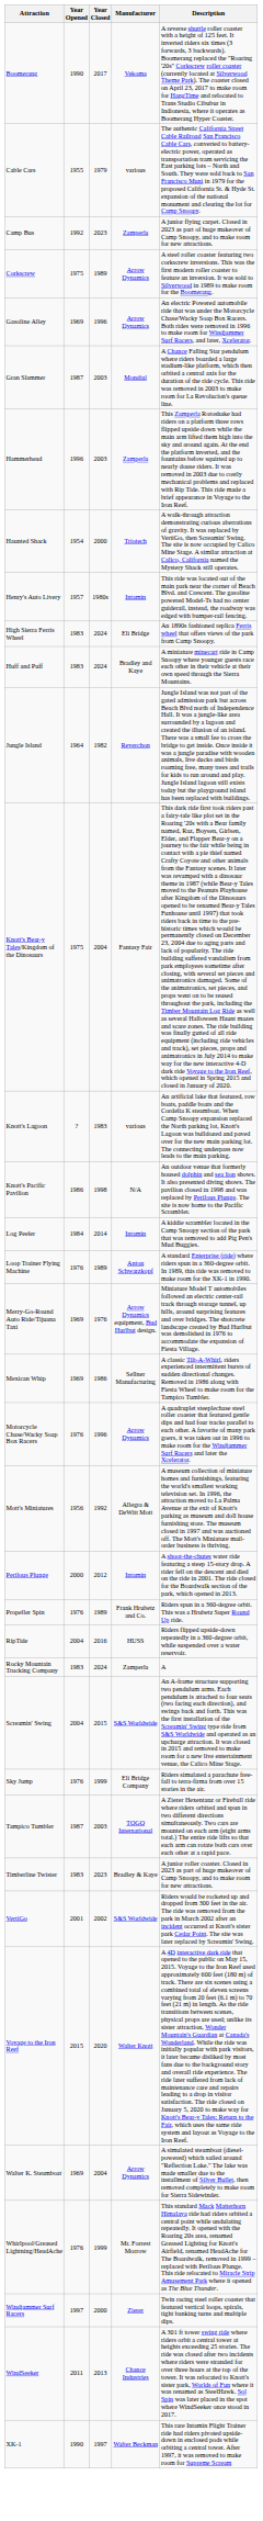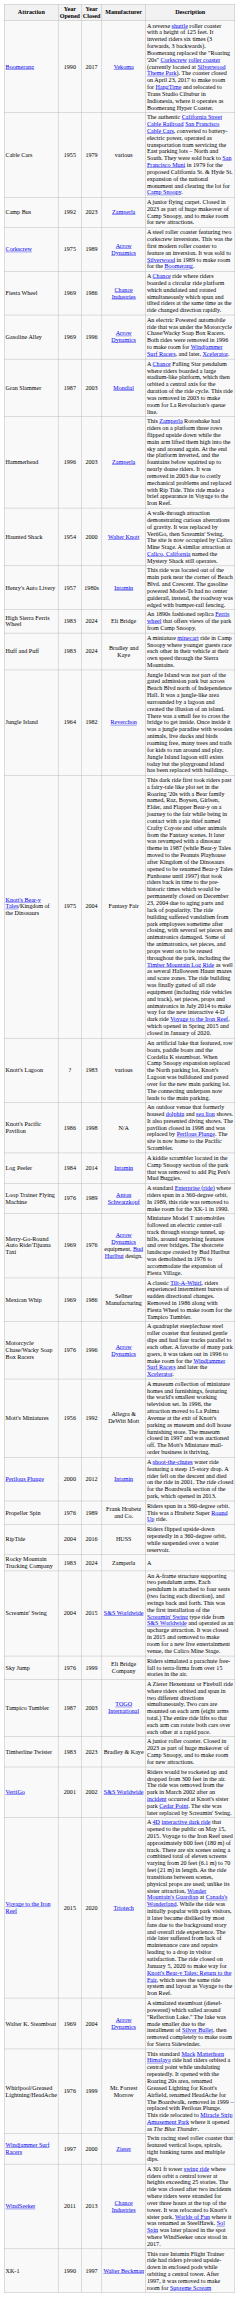 <table class="wikitable sortable">
 <tr>
 <th style="width:16%;">Attraction</th>
 <th style="width:7%;">Year Opened</th>
 <th style="width:7%;">Year Closed</th>
 <th style="width:20%;">Manufacturer</th>
 <th style="width:65%;">Description</th>
 </tr>
 <tr>
 <td><a href='#'>Boomerang</a></td>
 <td style="text-align:center">1990</td>
 <td style="text-align:center">2017</td>
 <td style="text-align:center"><a href='#'>Vekoma</a></td>
 <td>A reverse <a href='#'>shuttle</a> roller coaster with a height of 125 feet. It inverted riders six times (3 forwards, 3 backwards). Boomerang replaced the "Roaring '20s" <a href='#'>Corkscrew</a> <a href='#'>roller coaster</a> (currently located at <a href='#'>Silverwood Theme Park</a>). The coaster closed on April 23, 2017 to make room for <a href='#'>HangTime</a> and relocated to Trans Studio Cibubur in Indionesia, where it operates as Boomerang Hyper Coaster.</td>
 </tr>
 <tr>
 <td>Cable Cars</td>
 <td style="text-align:center">1955</td>
 <td style="text-align:center">1979</td>
 <td style="text-align:center">various</td>
 <td>The authentic <a href='#'>California Street Cable Railroad</a> <a href='#'>San Francisco Cable Cars</a>, converted to battery-electric power, operated as transportation tram servicing the East parking lots – North and South. They were sold back to <a href='#'>San Francisco Muni</a> in 1979 for the proposed California St. & Hyde St. expansion of the national monument and clearing the lot for <a href='#'>Camp Snoopy</a>.</td>
 </tr>
 <tr>
 <td>Camp Bus</td>
 <td style="text-align:center">1992</td>
 <td style="text-align:center">2023</td>
 <td style="text-align:center"><a href='#'>Zamperla</a></td>
 <td>A junior flying carpet. Closed in 2023 as part of huge makeover of Camp Snoopy, and to make room for new attractions.</td>
 </tr>
 <tr>
 <td><a href='#'>Corkscrew</a></td>
 <td style="text-align:center">1975</td>
 <td style="text-align:center">1989</td>
 <td style="text-align:center"><a href='#'>Arrow Dynamics</a></td>
 <td>A steel roller coaster featuring two corkscrew inversions. This was the first modern roller coaster to feature an inversion. It was sold to <a href='#'>Silverwood</a> in 1989 to make room for the <a href='#'>Boomerang</a>.</td>
 </tr>
 <tr>
+<td>Fiesta Wheel</td>
+<td style="text-align:center">1969</td>
+<td style="text-align:center">1986</td>
+<td style="text-align:center"><a href='#'>Chance Industries</a></td>
+<td>A <a href='#'>Chance</a>  ride where riders boarded a circular ride platform which undulated and rotated simultaneously which spun and tilted riders at the same time as the ride changed direction rapidly.</td>
+</tr>
+<tr>
 <td>Gasoline Alley</td>
 <td style="text-align:center">1969</td>
 <td style="text-align:center">1996</td>
 <td style="text-align:center"><a href='#'>Arrow Dynamics</a></td>
 <td>An electric Powered automobile ride that was under the Motorcycle Chase/Wacky Soap Box Racers. Both rides were removed in 1996 to make room for <a href='#'>Windjammer Surf Racers</a>, and later, <a href='#'>Xcelerator</a>.</td>
 </tr>
 <tr>
 <td>Gran Slammer</td>
 <td style="text-align:center">1987</td>
 <td style="text-align:center">2003</td>
 <td style="text-align:center"><a href='#'>Mondial</a></td>
 <td>A <a href='#'>Chance</a> Falling Star pendulum where riders boarded a large stadium-like platform, which then orbited a central axis for the duration of the ride cycle. This ride was removed in 2003 to make room for La Revolucion's queue line.</td>
 </tr>
 <tr>
 <td>Hammerhead</td>
 <td style="text-align:center">1996</td>
 <td style="text-align:center">2003</td>
 <td style="text-align:center"><a href='#'>Zamperla</a></td>
 <td>This <a href='#'>Zamperla</a> Rotoshake had riders on a platform three rows flipped upside down while the main arm lifted them high into the sky and around again. At the end the platform inverted, and the fountains below squirted up to nearly douse riders. It was removed in 2003 due to costly mechanical problems and replaced with Rip Tide. This ride made a brief appearance in Voyage to the Iron Reef.</td>
 </tr>
 <tr>
 <td>Haunted Shack</td>
 <td style="text-align:center">1954</td>
 <td style="text-align:center">2000</td>
-<td style="text-align:center"><a href='#'>Triotech</a></td>
+<td style="text-align:center"><a href='#'>Walter Knott</a></td>
 <td>A walk-through attraction demonstrating curious aberrations of gravity. It was replaced by VertiGo, then Screamin' Swing. The site is now occupied by Calico Mine Stage. A similar attraction at <a href='#'>Calico, California</a> named the Mystery Shack still operates.</td>
 </tr>
 <tr>
 <td>Henry's Auto Livery</td>
 <td style="text-align:center">1957</td>
 <td style="text-align:center">1980s</td>
 <td style="text-align:center"><a href='#'>Intamin</a></td>
 <td>This ride was located out of the main park near the corner of Beach Blvd. and Crescent. The gasoline powered Model-Ts had no center guiderail, instead, the roadway was edged with bumper-rail fencing.</td>
 </tr>
 <tr>
 <td>High Sierra Ferris Wheel</td>
 <td style="text-align:center">1983</td>
 <td style="text-align:center">2024</td>
 <td style="text-align:center">Eli Bridge</td>
 <td>An 1890s fashioned replica <a href='#'>Ferris wheel</a> that offers views of the park from Camp Snoopy.</td>
 </tr>
 <tr>
 <td>Huff and Puff</td>
 <td style="text-align:center">1983</td>
 <td style="text-align:center">2024</td>
 <td style="text-align:center">Bradley and Kaye</td>
 <td>A miniature <a href='#'>minecart</a> ride in Camp Snoopy where younger guests race each other in their vehicle at their own speed through the Sierra Mountains.</td>
 </tr>
 <tr>
 <td>Jungle Island</td>
 <td style="text-align:center">1964</td>
 <td style="text-align:center">1982</td>
 <td style="text-align:center"><a href='#'>Reverchon</a></td>
 <td>Jungle Island was not part of the gated admission park but across Beach Blvd north of Independence Hall. It was a jungle-like area surrounded by a lagoon and created the illusion of an island. There was a small fee to cross the bridge to get inside. Once inside it was a jungle paradise with wooden animals, live ducks and birds roaming free, many trees and trails for kids to run around and play. Jungle Island lagoon still exists today but the playground island has been replaced with buildings.</td>
 </tr>
 <tr>
 <td><a href='#'>Knott's Bear-y Tales</a>/Kingdom of the Dinosaurs</td>
 <td style="text-align:center">1975</td>
 <td style="text-align:center">2004</td>
 <td style="text-align:center">Fantasy Fair</td>
 <td>This dark ride first took riders past a fairy-tale like plot set in the Roaring '20s with a Bear family named, Raz, Boysen, Girlsen, Elder, and Flapper Bear-y on a journey to the fair while being in contact with a pie thief named Crafty Coyote and other animals from the Fantasy scenes. It later was revamped with a dinosaur theme in 1987 (while Bear-y Tales moved to the Peanuts Playhouse after Kingdom of the Dinosaurs opened to be renamed Bear-y Tales Funhouse until 1997) that took riders back in time to the pre-historic times which would be permanently closed on December 23, 2004 due to aging parts and lack of popularity. The ride building suffered vandalism from park employees sometime after closing, with several set pieces and animatronics damaged. Some of the animatronics, set pieces, and props went on to be reused throughout the park, including the <a href='#'>Timber Mountain Log Ride</a> as well as several Halloween Haunt mazes and scare zones. The ride building was finally gutted of all ride equipment (including ride vehicles and track), set pieces, props and animatronics in July 2014 to make way for the new interactive 4-D dark ride <a href='#'>Voyage to the Iron Reef</a>, which opened in Spring 2015 and closed in January of 2020.</td>
 </tr>
 <tr>
 <td>Knott's Lagoon</td>
 <td style="text-align:center">?</td>
 <td style="text-align:center">1983</td>
 <td style="text-align:center">various</td>
 <td>An artificial lake that featured, row boats, paddle boats and the Cordelia K steamboat. When Camp Snoopy expansion replaced the North parking lot, Knott's Lagoon was bulldozed and paved over for the new main parking lot. The connecting underpass now leads to the main parking.</td>
 </tr>
 <tr>
 <td>Knott's Pacific Pavilion</td>
 <td style="text-align:center">1986</td>
 <td style="text-align:center">1998</td>
 <td style="text-align:center">N/A</td>
 <td>An outdoor venue that formerly housed <a href='#'>dolphin</a> and <a href='#'>sea lion</a> shows. It also presented diving shows. The pavilion closed in 1998 and was replaced by <a href='#'>Perilous Plunge</a>. The site is now home to the Pacific Scrambler.</td>
 </tr>
 <tr>
 <td>Log Peeler</td>
 <td style="text-align:center">1984</td>
 <td style="text-align:center">2014</td>
 <td style="text-align:center"><a href='#'>Intamin</a></td>
 <td>A kiddie scrambler located in the Camp Snoopy section of the park that was removed to add Pig Pen's Mud Buggies.</td>
 </tr>
 <tr>
 <td>Loop Trainer Flying Machine</td>
 <td style="text-align:center">1976</td>
 <td style="text-align:center">1989</td>
 <td style="text-align:center"><a href='#'>Anton Schwarzkopf</a></td>
 <td>A standard <a href='#'>Enterprise (ride)</a> where riders spun in a 360-degree orbit. In 1989, this ride was removed to make room for the XK-1 in 1990.</td>
 </tr>
 <tr>
 <td>Merry-Go-Round Auto Ride/Tijuana Taxi</td>
 <td style="text-align:center">1969</td>
 <td style="text-align:center">1976</td>
 <td style="text-align:center"><a href='#'>Arrow Dynamics</a> equipment, <a href='#'>Bud Hurlbut</a> design.</td>
 <td>Miniature Model T automobiles followed an electric center-rail track through storage tunnel, up hills, around surprising features and over bridges. The shotcrete landscape created by Bud Hurlbut was demolished in 1976 to accommodate the expansion of Fiesta Village.</td>
 </tr>
 <tr>
 <td>Mexican Whip</td>
 <td style="text-align:center">1969</td>
 <td style="text-align:center">1986</td>
 <td style="text-align:center">Sellner Manufacturing</td>
 <td>A classic <a href='#'>Tilt-A-Whirl</a>, riders experienced intermittent bursts of sudden directional changes.  Removed in 1986 along with Fiesta Wheel to make room for the Tampico Tumbler.</td>
 </tr>
 <tr>
 <td Wacky Soap Box Racers>Motorcycle Chase/Wacky Soap Box Racers</td>
 <td style="text-align:center">1976</td>
 <td style="text-align:center">1996</td>
 <td style="text-align:center"><a href='#'>Arrow Dynamics</a></td>
 <td>A quadruplet steeplechase steel roller coaster that featured gentle dips and had four tracks parallel to each other. A favorite of many park goers, it was taken out in 1996 to make room for the <a href='#'>Windjammer Surf Racers</a> and later the <a href='#'>Xcelerator</a>.</td>
 </tr>
 <tr>
 <td>Mott's Miniatures</td>
 <td style="text-align:center">1956</td>
 <td style="text-align:center">1992</td>
 <td style="text-align:center">Allegra & DeWitt Mott</td>
 <td>A museum collection of miniature homes and furnishings, featuring the world's smallest working television set. In 1996, the attraction moved to La Palma Avenue at the exit of Knott's parking as museum and doll house furnishing store. The museum closed in 1997 and was auctioned off. The Mott's Miniature mail-order business is thriving.</td>
 </tr>
 <tr>
 <td><a href='#'>Perilous Plunge</a></td>
 <td style="text-align:center">2000</td>
 <td style="text-align:center">2012</td>
 <td style="text-align:center"><a href='#'>Intamin</a></td>
 <td>A <a href='#'>shoot-the-chutes</a> water ride featuring a steep 15-story drop. A rider fell on the descent and died on the ride in 2001. The ride closed for the Boardwalk section of the park, which opened in 2013.</td>
 </tr>
 <tr>
 <td>Propeller Spin</td>
 <td style="text-align:center">1976</td>
 <td style="text-align:center">1989</td>
 <td style="text-align:center">Frank Hrubetz and Co.</td>
 <td>Riders spun in a 360-degree orbit. This was a Hrubetz Super <a href='#'>Round Up</a> ride.</td>
 </tr>
 <tr>
 <td>RipTide</td>
 <td style="text-align:center">2004</td>
 <td style="text-align:center">2016</td>
 <td style="text-align:center">HUSS</td>
 <td>Riders flipped upside-down repeatedly in a 360-degree orbit, while suspended over a water reservoir.</td>
 </tr>
 <tr>
 <td>Rocky Mountain Trucking Company</td>
 <td style="text-align:center">1983</td>
 <td style="text-align:center">2024</td>
 <td style="text-align:center">Zamperla</td>
 <td>A</td>
 </tr>
 <tr>
 <td>Screamin' Swing</td>
 <td style="text-align:center">2004</td>
 <td style="text-align:center">2015</td>
 <td style="text-align:center"><a href='#'>S&S Worldwide</a></td>
 <td>An A-frame structure supporting two pendulum arms.  Each pendulum is attached to four seats (two facing each direction), and swings back and forth.  This was the first installation of the <a href='#'>Screamin' Swing</a> type ride from <a href='#'>S&S Worldwide</a> and operated as an upcharge attraction.  It was closed in 2015 and removed to make room for a new live entertainment venue, the Calico Mine Stage.</td>
 </tr>
 <tr>
 <td>Sky Jump</td>
 <td style="text-align:center">1976</td>
 <td style="text-align:center">1999</td>
 <td style="text-align:center">Eli Bridge Company</td>
 <td>Riders simulated a parachute free-fall to terra-firma from over 15 stories in the air.</td>
 </tr>
 <tr>
 <td>Tampico Tumbler</td>
 <td style="text-align:center">1987</td>
 <td style="text-align:center">2003</td>
 <td style="text-align:center"><a href='#'>TOGO International</a></td>
 <td>A Zierer Hexentanz or Fireball ride where riders orbited and spun in two different directions simultaneously. Two cars are mounted on each arm (eight arms total.) The entire ride lifts so that each arm can rotate both cars over each other at a rapid pace.</td>
 </tr>
 <tr>
 <td>Timberline Twister</td>
 <td style="text-align:center">1983</td>
 <td style="text-align:center">2023</td>
 <td style="text-align:center">Bradley & Kaye</td>
 <td>A junior roller coaster. Closed in 2023 as part of huge makeover of Camp Snoopy, and to make room for new attractions.</td>
 </tr>
 <tr>
 <td><a href='#'>VertiGo</a></td>
 <td style="text-align:center">2001</td>
 <td style="text-align:center">2002</td>
 <td style="text-align:center"><a href='#'>S&S Worldwide</a></td>
 <td>Riders would be rocketed up and dropped from 300 feet in the air. The ride was removed from the park in March 2002 after an <a href='#'>incident</a> occurred at Knott's sister park <a href='#'>Cedar Point</a>. The site was later replaced by Screamin' Swing.</td>
 </tr>
 <tr>
 <td><a href='#'>Voyage to the Iron Reef</a></td>
 <td style="text-align:center">2015</td>
 <td style="text-align:center">2020</td>
-<td style="text-align:center"><a href='#'>Walter Knott</a></td>
+<td style="text-align:center"><a href='#'>Triotech</a></td>
 <td>A <a href='#'>4D</a> <a href='#'>interactive dark ride</a> that opened to the public on May 15, 2015. Voyage to the Iron Reef used approximately 600 feet (180 m) of track. There are six scenes using a combined total of eleven screens varying from 20 feet (6.1 m) to 70 feet (21 m) in length. As the ride transitions between scenes, physical props are used; unlike its sister attraction, <a href='#'>Wonder Mountain's Guardian</a> at <a href='#'>Canada's Wonderland</a>. While the ride was initially popular with park visitors, it later became disliked by most fans due to the background story and overall ride experience. The ride later suffered from lack of maintenance care and repairs leading to a drop in visitor satisfaction. The ride closed on January 5, 2020 to make way for <a href='#'>Knott's Bear-y Tales: Return to the Fair</a>, which uses the same ride system and layout as Voyage to the Iron Reef.</td>
 </tr>
 <tr>
 <td>Walter K. Steamboat</td>
 <td style="text-align:center">1969</td>
 <td style="text-align:center">2004</td>
 <td style="text-align:center"><a href='#'>Arrow Dynamics</a></td>
 <td>A simulated steamboat (diesel-powered) which sailed around "Reflection Lake." The lake was made smaller due to the installment of <a href='#'>Silver Bullet</a>, then removed completely to make room for Sierra Sidewinder.</td>
 </tr>
 <tr>
 <td>Whirlpool/Greased Lightning/HeadAche</td>
 <td style="text-align:center">1976</td>
 <td style="text-align:center">1999</td>
 <td style="text-align:center">Mr. Forrest Morrow</td>
 <td>This standard <a href='#'>Mack</a> <a href='#'>Matterhorn</a> <a href='#'>Himalaya</a> ride had riders orbited a central point while undulating repeatedly. It opened with the Roaring 20s area, renamed Greased Lighting for Knott's Airfield, renamed HeadAche for The Boardwalk, removed in 1999 – replaced with Perilous Plunge. This ride relocated to <a href='#'>Miracle Strip Amusement Park</a> where it opened as <em>The Blue Thunder</em>.</td>
 </tr>
 <tr>
 <td><a href='#'>Windjammer Surf Racers</a></td>
 <td style="text-align:center">1997</td>
 <td style="text-align:center">2000</td>
 <td style="text-align:center"><a href='#'>Zierer</a></td>
 <td>Twin racing steel roller coaster that featured vertical loops, spirals, tight banking turns and multiple dips.</td>
 </tr>
 <tr>
 <td><a href='#'>WindSeeker</a></td>
 <td style="text-align:center">2011</td>
 <td style="text-align:center">2013</td>
 <td style="text-align:center"><a href='#'>Chance Industries</a></td>
 <td>A 301 ft tower <a href='#'>swing ride</a> where riders orbit a central tower at heights exceeding 25 stories. The ride was closed after two incidents where riders were stranded for over three hours at the top of the tower. It was relocated to Knott's sister park, <a href='#'>Worlds of Fun</a> where it was renamed as SteelHawk. <a href='#'>Sol Spin</a> was later placed in the spot where WindSeeker once stood in 2017.</td>
 </tr>
 <tr>
 <td>XK-1</td>
 <td style="text-align:center">1990</td>
 <td style="text-align:center">1997</td>
 <td style="text-align:center"><a href='#'>Walter Beckman</a></td>
 <td>This rare Intamin Flight Trainer ride had riders pivoted upside-down in enclosed pods while orbiting a central tower. After 1997, it was removed to make room for <a href='#'>Supreme Scream</a></td>
 </tr>
 </table>
